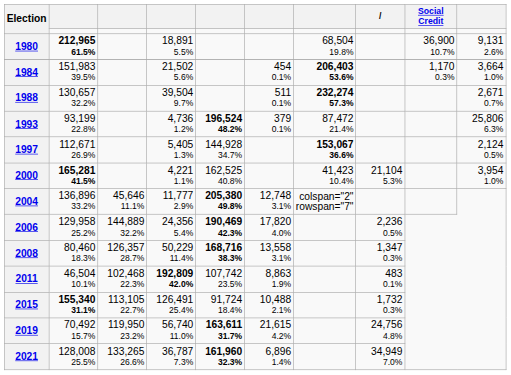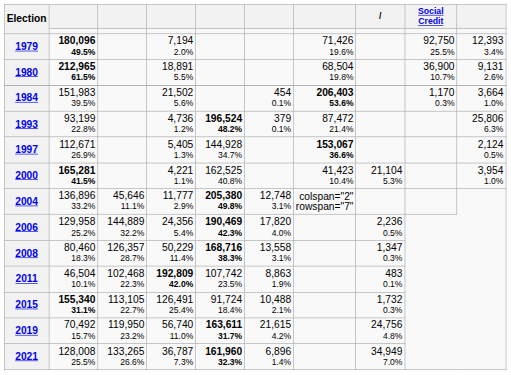 <table class="wikitable" style="text-align:right; line-height:16px">
 <tr>
 <th rowspan="2">Election</th>
 <th width="70" style="font-size:85%"></th>
 <th width="70" style="font-size:85%"></th>
 <th width="70" style="font-size:85%"></th>
 <th width="70" style="font-size:85%"></th>
 <th width="70" style="font-size:85%"></th>
 <th width="70" style="font-size:85%"></th>
 <th width="70" style="font-size:85%"> /<br></th>
 <th width="75" style="font-size:85%"><a href='#'>Social<br>Credit</a></th>
 <th width="70" style="font-size:85%"></th>
 </tr>
 <tr>
 <td></td>
 <td></td>
 <td></td>
 <td></td>
 <td></td>
 <td></td>
 <td></td>
 <td></td>
 <td></td>
+</tr>
+<tr>
+<th scope="row"><a href='#'>1979</a></th>
+<td><strong>180,096<br><small>49.5%</small></strong></td>
+<td></td>
+<td>7,194<br><small>2.0%</small></td>
+<td></td>
+<td></td>
+<td>71,426<br><small>19.6%</small></td>
+<td></td>
+<td>92,750<br><small>25.5%</small></td>
+<td>12,393<br><small>3.4%</small></td>
 </tr>
 <tr>
 <th scope="row"><a href='#'>1980</a></th>
 <td><strong>212,965<br><small>61.5%</small></strong></td>
 <td></td>
 <td>18,891<br><small>5.5%</small></td>
 <td></td>
 <td></td>
 <td>68,504<br><small>19.8%</small></td>
 <td></td>
 <td>36,900<br><small>10.7%</small></td>
 <td>9,131<br><small>2.6%</small></td>
 </tr>
 <tr>
 </tr>
 <tr>
 <th scope="row"><a href='#'>1984</a></th>
 <td>151,983<br><small>39.5%</small></td>
 <td></td>
 <td>21,502<br><small>5.6%</small></td>
 <td></td>
 <td>454<br><small>0.1%</small></td>
 <td><strong>206,403<br><small>53.6%</small></strong></td>
 <td></td>
 <td>1,170<br><small>0.3%</small></td>
 <td>3,664<br><small>1.0%</small></td>
-</tr>
-<tr>
-<th scope="row"><a href='#'>1988</a></th>
-<td>130,657<br><small>32.2%</small></td>
-<td></td>
-<td>39,504<br><small>9.7%</small></td>
-<td></td>
-<td>511<br><small>0.1%</small></td>
-<td><strong>232,274<br><small>57.3%</small></strong></td>
-<td></td>
-<td></td>
-<td>2,671<br><small>0.7%</small></td>
 </tr>
 <tr>
 <th scope="row"><a href='#'>1993</a></th>
 <td>93,199<br><small>22.8%</small></td>
 <td></td>
 <td>4,736<br><small>1.2%</small></td>
 <td><strong>196,524<br><small>48.2%</small></strong></td>
 <td>379<br><small>0.1%</small></td>
 <td>87,472<br><small>21.4%</small></td>
 <td></td>
 <td></td>
 <td>25,806<br><small>6.3%</small></td>
 </tr>
 <tr>
 <th scope="row"><a href='#'>1997</a></th>
 <td>112,671<br><small>26.9%</small></td>
 <td></td>
 <td>5,405<br><small>1.3%</small></td>
 <td>144,928<br><small>34.7%</small></td>
 <td></td>
 <td><strong>153,067<br><small>36.6%</small></strong></td>
 <td></td>
 <td></td>
 <td>2,124<br><small>0.5%</small></td>
 </tr>
 <tr>
 <th scope="row"><a href='#'>2000</a></th>
 <td><strong>165,281<br><small>41.5%</small></strong></td>
 <td></td>
 <td>4,221<br><small>1.1%</small></td>
 <td>162,525<br><small>40.8%</small></td>
 <td></td>
 <td>41,423<br><small>10.4%</small></td>
 <td>21,104<br><small>5.3%</small></td>
 <td></td>
 <td>3,954<br><small>1.0%</small></td>
 </tr>
 <tr>
 <th scope="row"><a href='#'>2004</a></th>
 <td>136,896<br><small>33.2%</small></td>
 <td>45,646<br><small>11.1%</small></td>
 <td>11,777<br><small>2.9%</small></td>
 <td><strong>205,380<br><small>49.8%</small></strong></td>
 <td>12,748<br><small>3.1%</small></td>
 <td>colspan="2" rowspan="7" </td>
 <td></td>
 <td></td>
 </tr>
 <tr>
 <th scope="row"><a href='#'>2006</a></th>
 <td>129,958<br><small>25.2%</small></td>
 <td>144,889<br><small>32.2%</small></td>
 <td>24,356<br><small>5.4%</small></td>
 <td><strong>190,469<br><small>42.3%</small></strong></td>
 <td>17,820<br><small>4.0%</small></td>
 <td></td>
 <td>2,236<br><small>0.5%</small></td>
 </tr>
 <tr>
 <th scope="row"><a href='#'>2008</a></th>
 <td>80,460<br><small>18.3%</small></td>
 <td>126,357<br><small>28.7%</small></td>
 <td>50,229<br><small>11.4%</small></td>
 <td><strong>168,716<br><small>38.3%</small></strong></td>
 <td>13,558<br><small>3.1%</small></td>
 <td></td>
 <td>1,347<br><small>0.3%</small></td>
 </tr>
 <tr>
 <th scope="row"><a href='#'>2011</a></th>
 <td>46,504<br><small>10.1%</small></td>
 <td>102,468<br><small>22.3%</small></td>
 <td><strong>192,809<br><small>42.0%</small></strong></td>
 <td>107,742<br><small>23.5%</small></td>
 <td>8,863<br><small>1.9%</small></td>
 <td></td>
 <td>483<br><small>0.1%</small></td>
 </tr>
 <tr>
 <th scope="row"><a href='#'>2015</a></th>
 <td><strong>155,340<br><small>31.1%</small></strong></td>
 <td>113,105<br><small>22.7%</small></td>
 <td>126,491<br><small>25.4%</small></td>
 <td>91,724<br><small>18.4%</small></td>
 <td>10,488<br><small>2.1%</small></td>
 <td></td>
 <td>1,732<br><small>0.3%</small></td>
 </tr>
 <tr>
 <th scope="row"><a href='#'>2019</a></th>
 <td>70,492<br><small>15.7%</small></td>
 <td>119,950<br><small>23.2%</small></td>
 <td>56,740<br><small>11.0%</small></td>
 <td><strong>163,611<br><small>31.7%</small></strong></td>
 <td>21,615<br><small>4.2%</small></td>
 <td></td>
 <td>24,756<br><small>4.8%</small></td>
 </tr>
 <tr>
 <th scope="row"><a href='#'>2021</a></th>
 <td>128,008<br><small>25.5%</small></td>
 <td>133,265<br><small>26.6%</small></td>
 <td>36,787<br><small>7.3%</small></td>
 <td><strong>161,960<br><small>32.3%</small></strong></td>
 <td>6,896<br><small>1.4%</small></td>
 <td></td>
 <td>34,949<br><small>7.0%</small></td>
 </tr>
 </table>
